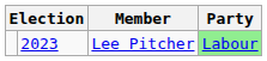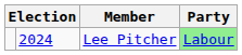 <table class="wikitable">
 <tr>
 <th colspan="2">Election</th>
 <th>Member</th>
 <th>Party</th>
 </tr>
 <tr>
 <td style="color:inherit;background-color: "></td>
-<td><a href='#'>2023</a></td>
+<td><a href='#'>2024</a></td>
 <td><a href='#'>Lee Pitcher</a></td>
 <td style="background: lightgreen;"><a href='#'>Labour</a></td>
 </tr>
 </table>
